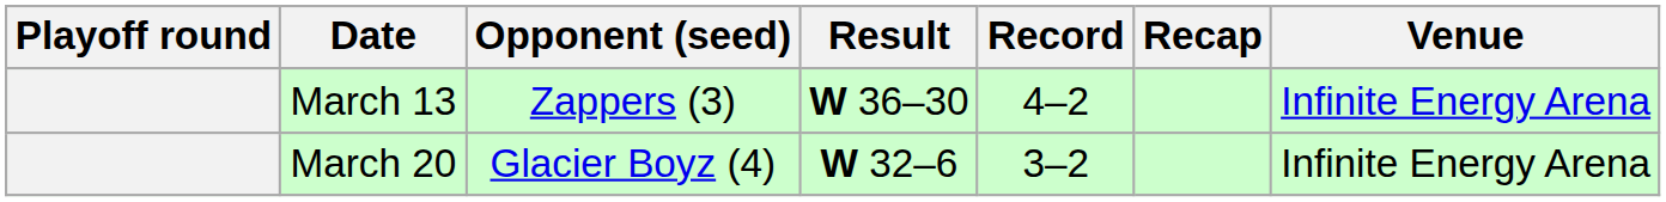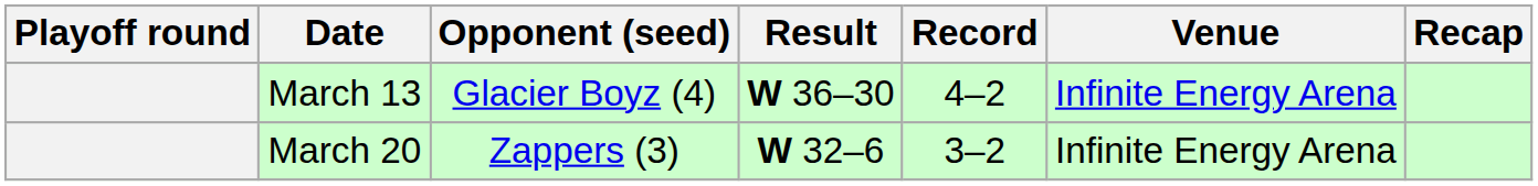 <table class="wikitable" style="text-align:center">
 <tr>
 <th>Playoff round</th>
 <th>Date</th>
 <th>Opponent (seed)</th>
 <th>Result</th>
 <th>Record</th>
+<th>Venue</th>
 <th>Recap</th>
-<th>Venue</th>
 </tr>
 <tr style="background:#cfc">
 <th><a href='#'></a></th>
 <td>March 13</td>
-<td><a href='#'>Zappers</a> (3)</td>
+<td><a href='#'>Glacier Boyz</a> (4)</td>
 <td><strong>W</strong> 36–30</td>
 <td>4–2</td>
+<td><a href='#'>Infinite Energy Arena</a></td>
 <td></td>
-<td><a href='#'>Infinite Energy Arena</a></td>
 </tr>
 <tr style="background:#cfc">
 <th><a href='#'></a></th>
 <td>March 20</td>
-<td><a href='#'>Glacier Boyz</a> (4)</td>
+<td><a href='#'>Zappers</a> (3)</td>
 <td><strong>W</strong> 32–6</td>
 <td>3–2</td>
+<td>Infinite Energy Arena</td>
 <td></td>
-<td>Infinite Energy Arena</td>
 </tr>
 </table>
